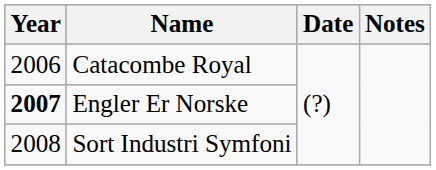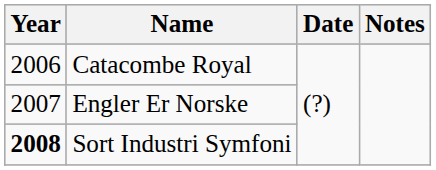 <table class="wikitable">
 <tr>
 <th>Year</th>
 <th>Name</th>
 <th>Date</th>
 <th>Notes</th>
 </tr>
 <tr>
 <td>2006</td>
 <td>Catacombe Royal</td>
 <td rowspan="3">(?)</td>
 <td rowspan="3"></td>
 </tr>
 <tr>
-<td><strong>2007</strong></td>
+<td>2007</td>
 <td>Engler Er Norske</td>
 </tr>
 <tr>
-<td>2008</td>
+<td><strong>2008</strong></td>
 <td>Sort Industri Symfoni</td>
 </tr>
 </table>
